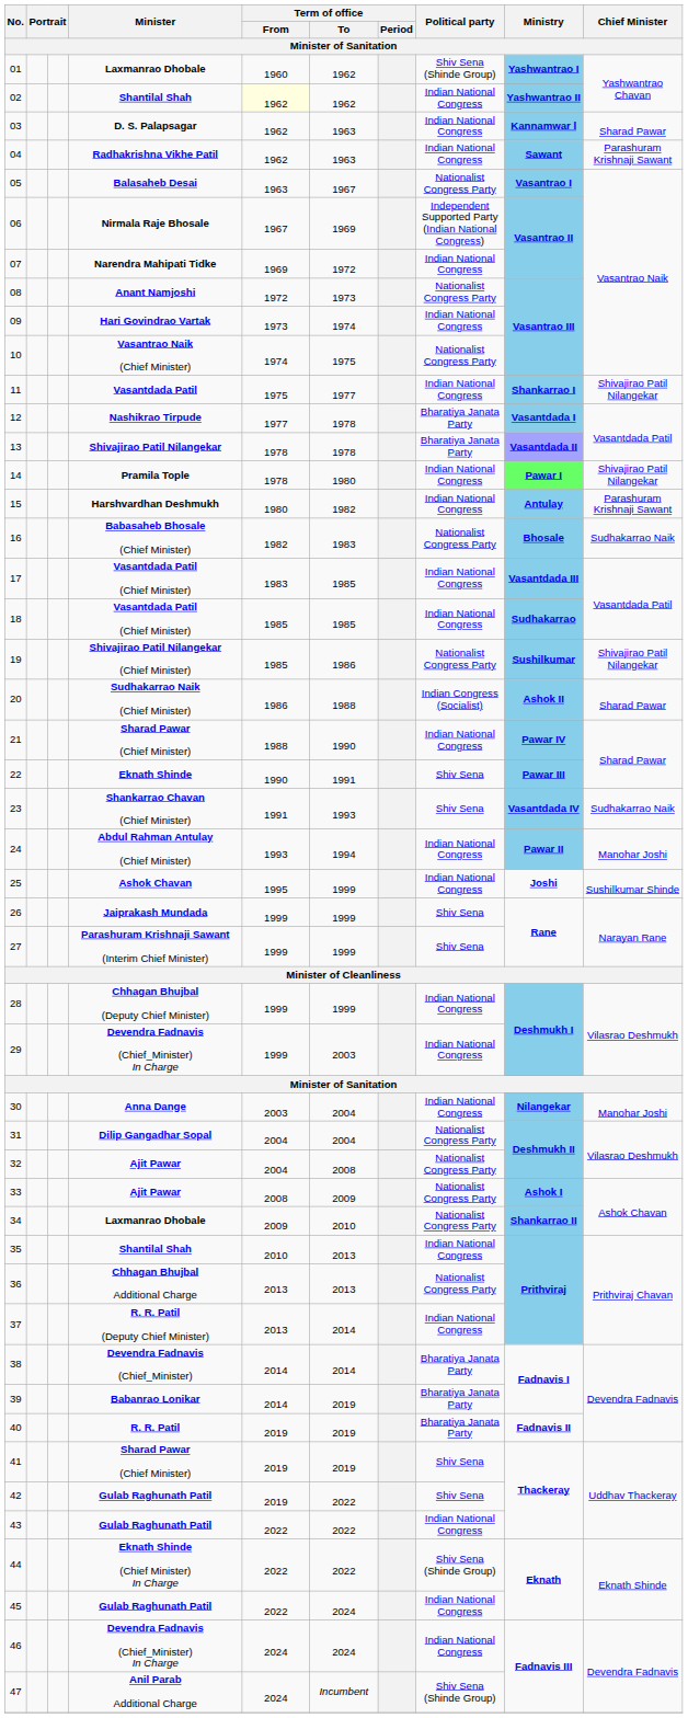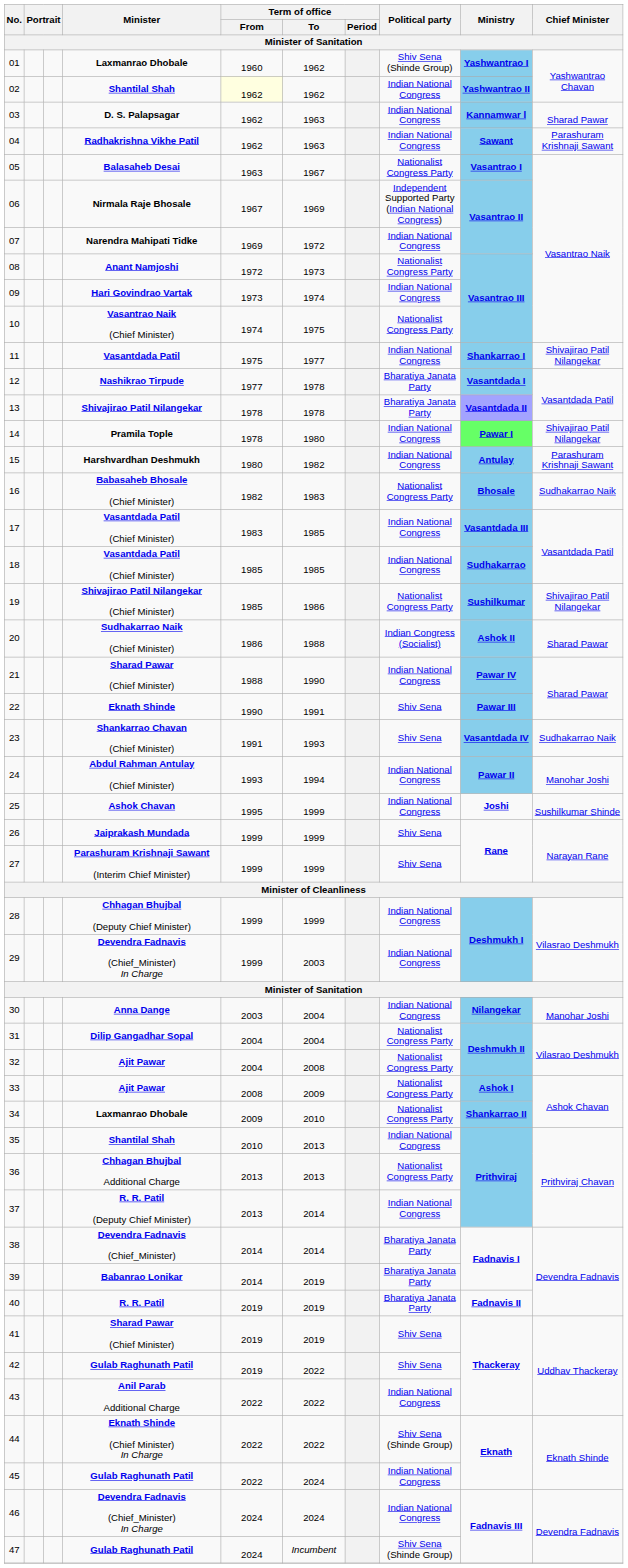 <table class="wikitable" style="text-align:center">
 <tr>
 <th rowspan="2">No.</th>
 <th rowspan="2" colspan="2">Portrait</th>
 <th rowspan="2" style="width:16em">Minister<br></th>
 <th colspan="3">Term of office</th>
 <th rowspan="2" style="width:8em">Political party</th>
 <th rowspan="2">Ministry</th>
 <th rowspan="2" style="width:9em">Chief Minister</th>
 </tr>
 <tr>
 <th style="width:6em">From</th>
 <th style="width:6em">To</th>
 <th>Period</th>
 </tr>
 <tr>
 <th colspan="10">Minister of Sanitation</th>
 </tr>
 <tr>
 <td>01</td>
 <td style="color:inherit;background:"></td>
 <td></td>
 <td><strong>Laxmanrao Dhobale</strong> <br> </td>
 <td><br>1960</td>
 <td><br>1962</td>
 <th></th>
 <td><a href='#'>Shiv Sena</a> (Shinde Group)</td>
 <td bgcolor="#87CEEB"><a href='#'><strong>Yashwantrao I</strong></a></td>
 <td rowspan="2"> <br><a href='#'>Yashwantrao Chavan</a></td>
 </tr>
 <tr>
 <td>02</td>
 <td style="color:inherit;background:"></td>
 <td></td>
 <td><strong><a href='#'>Shantilal Shah</a></strong> <br> </td>
 <td style="background: lightyellow;"><br>1962</td>
 <td><br>1962</td>
 <th></th>
 <td><a href='#'>Indian National Congress</a></td>
 <td bgcolor="#87CEEB"><a href='#'><strong>Yashwantrao II</strong></a></td>
 </tr>
 <tr>
 <td>03</td>
 <td style="color:inherit;background:"></td>
 <td></td>
 <td><strong>D. S. Palapsagar</strong><br> </td>
 <td><br>1962</td>
 <td><br>1963</td>
 <th></th>
 <td><a href='#'>Indian National Congress</a></td>
 <td bgcolor="#87CEEB"><a href='#'><strong>Kannamwar l</strong></a></td>
 <td rowspan="1"><br><a href='#'>Sharad Pawar</a></td>
 </tr>
 <tr>
 <td>04</td>
 <td style="color:inherit;background:"></td>
 <td></td>
 <td><strong><a href='#'>Radhakrishna Vikhe Patil</a></strong>  <br> </td>
 <td><br>1962</td>
 <td><br>1963</td>
 <th></th>
 <td><a href='#'>Indian National Congress</a></td>
 <td bgcolor="#87CEEB"><a href='#'><strong>Sawant</strong></a></td>
 <td><a href='#'>Parashuram Krishnaji Sawant</a></td>
 </tr>
 <tr>
 <td>05</td>
 <td style="color:inherit;background:"></td>
 <td></td>
 <td><strong><a href='#'>Balasaheb Desai</a></strong><br> </td>
 <td><br>1963</td>
 <td><br>1967</td>
 <th></th>
 <td><a href='#'>Nationalist Congress Party</a></td>
 <td bgcolor="#87CEEB"><a href='#'><strong>Vasantrao I</strong></a></td>
 <td rowspan="6"><br><a href='#'>Vasantrao Naik</a></td>
 </tr>
 <tr>
 <td>06</td>
 <td style="color:inherit;background:"></td>
 <td></td>
 <td><strong>Nirmala Raje Bhosale</strong><br> </td>
 <td><br>1967</td>
 <td><br>1969</td>
 <th></th>
 <td><a href='#'>Independent</a> Supported Party (<a href='#'>Indian National Congress</a>)</td>
 <td rowspan="2" bgcolor="#87CEEB"><a href='#'><strong>Vasantrao II</strong></a></td>
 </tr>
 <tr>
 <td>07</td>
 <td style="color:inherit;background:"></td>
 <td></td>
 <td><strong>Narendra Mahipati Tidke</strong><br> </td>
 <td><br>1969</td>
 <td><br>1972</td>
 <th></th>
 <td><a href='#'>Indian National Congress</a></td>
 </tr>
 <tr>
 <td>08</td>
 <td style="color:inherit;background:"></td>
 <td></td>
 <td><strong><a href='#'>Anant Namjoshi</a></strong> <br> </td>
 <td><br>1972</td>
 <td><br>1973</td>
 <th></th>
 <td><a href='#'>Nationalist Congress Party</a></td>
 <td rowspan="3" bgcolor="#87CEEB"><a href='#'><strong>Vasantrao III</strong></a></td>
 </tr>
 <tr>
 <td>09</td>
 <td style="color:inherit;background:"></td>
 <td></td>
 <td><strong><a href='#'>Hari Govindrao Vartak</a></strong> <br> </td>
 <td><br>1973</td>
 <td><br>1974</td>
 <th></th>
 <td><a href='#'>Indian National Congress</a></td>
 </tr>
 <tr>
 <td>10</td>
 <td style="color:inherit;background:"></td>
 <td></td>
 <td><strong><a href='#'>Vasantrao Naik</a></strong> <br> <br>(Chief Minister)</td>
 <td><br>1974</td>
 <td><br>1975</td>
 <th></th>
 <td><a href='#'>Nationalist Congress Party</a></td>
 </tr>
 <tr>
 <td>11</td>
 <td style="color:inherit;background:"></td>
 <td></td>
 <td><strong><a href='#'>Vasantdada Patil</a></strong>  <br> </td>
 <td><br>1975</td>
 <td><br>1977</td>
 <th></th>
 <td><a href='#'>Indian National Congress</a></td>
 <td rowspan="1" bgcolor="#87CEEB"><a href='#'><strong>Shankarrao I</strong></a></td>
 <td rowspan="1"><a href='#'>Shivajirao Patil Nilangekar</a></td>
 </tr>
 <tr>
 <td>12</td>
 <td style="color:inherit;background:"></td>
 <td></td>
 <td><strong><a href='#'>Nashikrao Tirpude</a></strong> <br> </td>
 <td><br>1977</td>
 <td><br>1978</td>
 <th></th>
 <td><a href='#'>Bharatiya Janata Party</a></td>
 <td rowspan="1" bgcolor="#88CEEB"><a href='#'><strong>Vasantdada I</strong></a></td>
 <td rowspan="2"><br><a href='#'>Vasantdada Patil</a></td>
 </tr>
 <tr>
 <td>13</td>
 <td style="color:inherit;background:"></td>
 <td></td>
 <td><strong><a href='#'>Shivajirao Patil Nilangekar</a></strong> <br> </td>
 <td><br>1978</td>
 <td><br>1978</td>
 <th></th>
 <td rowspan="1"><a href='#'>Bharatiya Janata Party</a></td>
 <td rowspan="1" bgcolor="#A3A3FF"><a href='#'><strong>Vasantdada II</strong></a></td>
 </tr>
 <tr>
 <td>14</td>
 <td style="color:inherit;background:"></td>
 <td></td>
 <td><strong>Pramila Tople</strong>  <br> </td>
 <td><br>1978</td>
 <td><br>1980</td>
 <th></th>
 <td><a href='#'>Indian National Congress</a></td>
 <td rowspan="1" bgcolor="#66FF66"><a href='#'><strong>Pawar I</strong></a></td>
 <td rowspan="1"><a href='#'>Shivajirao Patil Nilangekar</a></td>
 </tr>
 <tr>
 <td>15</td>
 <td style="color:inherit;background:"></td>
 <td></td>
 <td><strong>Harshvardhan Deshmukh</strong> <br> </td>
 <td><br>1980</td>
 <td><br>1982</td>
 <th></th>
 <td><a href='#'>Indian National Congress</a></td>
 <td rowspan="1" bgcolor="#87CEEB"><a href='#'><strong>Antulay</strong></a></td>
 <td><a href='#'>Parashuram Krishnaji Sawant</a></td>
 </tr>
 <tr>
 <td>16</td>
 <td style="color:inherit;background:"></td>
 <td></td>
 <td><strong><a href='#'>Babasaheb Bhosale</a></strong> <br> <br>(Chief Minister)</td>
 <td><br>1982</td>
 <td><br>1983</td>
 <th></th>
 <td><a href='#'>Nationalist Congress Party</a></td>
 <td rowspan="1" bgcolor="#87CEEB"><a href='#'><strong>Bhosale</strong></a></td>
 <td rowspan="1"><a href='#'>Sudhakarrao Naik</a></td>
 </tr>
 <tr>
 <td>17</td>
 <td style="color:inherit;background:"></td>
 <td></td>
 <td><strong><a href='#'>Vasantdada Patil</a></strong> <br> <br>(Chief Minister)</td>
 <td><br>1983</td>
 <td><br>1985</td>
 <th></th>
 <td><a href='#'>Indian National Congress</a></td>
 <td rowspan="1" bgcolor="#87CEEB"><a href='#'><strong>Vasantdada III</strong></a></td>
 <td rowspan="2"><br><a href='#'>Vasantdada Patil</a></td>
 </tr>
 <tr>
 <td>18</td>
 <td style="color:inherit;background:"></td>
 <td></td>
 <td><strong><a href='#'>Vasantdada Patil</a></strong> <br> <br>(Chief Minister)</td>
 <td><br>1985</td>
 <td><br>1985</td>
 <th></th>
 <td><a href='#'>Indian National Congress</a></td>
 <td rowspan="1" bgcolor="#87CEEB"><a href='#'><strong>Sudhakarrao</strong></a></td>
 </tr>
 <tr>
 <td>19</td>
 <td style="color:inherit;background:"></td>
 <td></td>
 <td><strong><a href='#'>Shivajirao Patil Nilangekar</a></strong> <br> <br>(Chief Minister)</td>
 <td><br>1985</td>
 <td><br>1986</td>
 <th></th>
 <td><a href='#'>Nationalist Congress Party</a></td>
 <td rowspan="1" bgcolor="#87CEEB"><a href='#'><strong>Sushilkumar</strong></a></td>
 <td rowspan="1"><a href='#'>Shivajirao Patil Nilangekar</a></td>
 </tr>
 <tr>
 <td>20</td>
 <td style="color:inherit;background:"></td>
 <td></td>
 <td><strong><a href='#'>Sudhakarrao Naik</a></strong> <br> <br>(Chief Minister)</td>
 <td><br>1986</td>
 <td><br>1988</td>
 <th></th>
 <td><a href='#'>Indian Congress (Socialist)</a></td>
 <td rowspan="1"bgcolor="#87CEEB"><a href='#'><strong>Ashok II</strong></a></td>
 <td rowspan="1"><br><a href='#'>Sharad Pawar</a></td>
 </tr>
 <tr>
 <td>21</td>
 <td style="color:inherit;background:"></td>
 <td></td>
 <td><strong><a href='#'>Sharad Pawar</a></strong> <br> <br>(Chief Minister)</td>
 <td><br>1988</td>
 <td><br>1990</td>
 <th></th>
 <td><a href='#'>Indian National Congress</a></td>
 <td rowspan="1" bgcolor="#87CEEB"><a href='#'><strong>Pawar IV</strong></a></td>
 <td rowspan="2"> <br><a href='#'>Sharad Pawar</a></td>
 </tr>
 <tr>
 <td>22</td>
 <td style="color:inherit;background:"></td>
 <td></td>
 <td><strong><a href='#'>Eknath Shinde</a></strong> <br> </td>
 <td><br>1990</td>
 <td><br>1991</td>
 <th></th>
 <td><a href='#'>Shiv Sena</a></td>
 <td rowspan="1" bgcolor="#87CEEB"><a href='#'><strong>Pawar III</strong></a></td>
 </tr>
 <tr>
 <td>23</td>
 <td style="color:inherit;background:"></td>
 <td></td>
 <td><strong><a href='#'>Shankarrao Chavan</a></strong> <br> <br>(Chief Minister)</td>
 <td><br>1991</td>
 <td><br>1993</td>
 <th></th>
 <td><a href='#'>Shiv Sena</a></td>
 <td rowspan="1" bgcolor="#87CEEB"><a href='#'><strong>Vasantdada IV</strong></a></td>
 <td rowspan="1"><a href='#'>Sudhakarrao Naik</a></td>
 </tr>
 <tr>
 <td>24</td>
 <td style="color:inherit;background:"></td>
 <td></td>
 <td><strong><a href='#'>Abdul Rahman Antulay</a></strong> <br> <br>(Chief Minister)</td>
 <td><br>1993</td>
 <td><br>1994</td>
 <th></th>
 <td><a href='#'>Indian National Congress</a></td>
 <td rowspan="1" bgcolor="#87CEEB"><a href='#'><strong>Pawar II</strong></a></td>
 <td rowspan="1"> <br><a href='#'>Manohar Joshi</a></td>
 </tr>
 <tr>
 <td>25</td>
 <td style="color:inherit;background:"></td>
 <td></td>
 <td><strong><a href='#'>Ashok Chavan</a></strong> <br> </td>
 <td><br>1995</td>
 <td><br>1999</td>
 <th></th>
 <td><a href='#'>Indian National Congress</a></td>
 <td rowspan="1"><a href='#'><strong>Joshi</strong></a></td>
 <td rowspan="1"> <br><a href='#'>Sushilkumar Shinde</a></td>
 </tr>
 <tr>
 <td>26</td>
 <td style="color:inherit;background:"></td>
 <td></td>
 <td><strong><a href='#'>Jaiprakash Mundada</a></strong> <br> </td>
 <td><br>1999</td>
 <td><br>1999</td>
 <th></th>
 <td><a href='#'>Shiv Sena</a></td>
 <td rowspan="2"><a href='#'><strong>Rane</strong></a></td>
 <td rowspan="2"> <br><a href='#'>Narayan Rane</a></td>
 </tr>
 <tr>
 <td>27</td>
 <td style="color:inherit;background:"></td>
 <td></td>
 <td><strong><a href='#'>Parashuram Krishnaji Sawant</a></strong> <br>  <br>(Interim Chief Minister)</td>
 <td><br>1999</td>
 <td><br>1999</td>
 <th></th>
 <td><a href='#'>Shiv Sena</a></td>
 </tr>
 <tr>
 <th colspan="10">Minister of Cleanliness</th>
 </tr>
 <tr>
 <td>28</td>
 <td style="color:inherit;background:"></td>
 <td></td>
 <td><strong><a href='#'>Chhagan Bhujbal</a></strong> <br> <br> (Deputy Chief Minister)</td>
 <td><br>1999</td>
 <td><br>1999</td>
 <th></th>
 <td><a href='#'>Indian National Congress</a></td>
 <td rowspan="2" bgcolor="#87CEEB"><a href='#'><strong>Deshmukh I</strong></a></td>
 <td rowspan="2"> <br><a href='#'>Vilasrao Deshmukh</a></td>
 </tr>
 <tr>
 <td>29</td>
 <td style="color:inherit;background:"></td>
 <td></td>
 <td><strong><a href='#'>Devendra Fadnavis</a></strong>  <br> <br>(Chief_Minister) <br><em>In Charge</em></td>
 <td><br>1999</td>
 <td><br>2003</td>
 <th></th>
 <td><a href='#'>Indian National Congress</a></td>
 </tr>
 <tr>
 <th colspan="10">Minister of Sanitation</th>
 </tr>
 <tr>
 <td>30</td>
 <td style="color:inherit;background:"></td>
 <td></td>
 <td><strong><a href='#'>Anna Dange</a></strong> <br> </td>
 <td><br>2003</td>
 <td><br>2004</td>
 <th></th>
 <td><a href='#'>Indian National Congress</a></td>
 <td rowspan="1" bgcolor="#87CEEB"><a href='#'><strong>Nilangekar</strong></a></td>
 <td rowspan="1"> <br><a href='#'>Manohar Joshi</a></td>
 </tr>
 <tr>
 <td>31</td>
 <td style="color:inherit;background:"></td>
 <td></td>
 <td><strong><a href='#'>Dilip Gangadhar Sopal</a></strong> <br> </td>
 <td><br>2004</td>
 <td><br>2004</td>
 <th></th>
 <td><a href='#'>Nationalist Congress Party</a></td>
 <td rowspan="2" bgcolor="#87CEEB"><a href='#'><strong>Deshmukh II</strong></a></td>
 <td rowspan="2"> <br><a href='#'>Vilasrao Deshmukh</a></td>
 </tr>
 <tr>
 <td>32</td>
 <td style="color:inherit;background:"></td>
 <td></td>
 <td><strong><a href='#'>Ajit Pawar</a></strong> <br> </td>
 <td><br>2004</td>
 <td><br>2008</td>
 <th></th>
 <td><a href='#'>Nationalist Congress Party</a></td>
 </tr>
 <tr>
 <td>33</td>
 <td style="color:inherit;background:"></td>
 <td></td>
 <td><strong><a href='#'>Ajit Pawar</a></strong> <br> </td>
 <td><br>2008</td>
 <td><br>2009</td>
 <th></th>
 <td><a href='#'>Nationalist Congress Party</a></td>
 <td rowspan="1" bgcolor="#87CEEB"><a href='#'><strong>Ashok I</strong></a></td>
 <td rowspan="2"><br><a href='#'>Ashok Chavan</a></td>
 </tr>
 <tr>
 <td>34</td>
 <td style="color:inherit;background:"></td>
 <td></td>
 <td><strong>Laxmanrao Dhobale</strong>  <br> </td>
 <td><br>2009</td>
 <td><br>2010</td>
 <th></th>
 <td><a href='#'>Nationalist Congress Party</a></td>
 <td rowspan="1"bgcolor="#87CEEB"><a href='#'><strong>Shankarrao II</strong></a></td>
 </tr>
 <tr>
 <td>35</td>
 <td style="color:inherit;background:"></td>
 <td></td>
 <td><strong><a href='#'>Shantilal Shah</a></strong> <br> </td>
 <td><br>2010</td>
 <td><br>2013</td>
 <th></th>
 <td><a href='#'>Indian National Congress</a></td>
 <td rowspan="3" bgcolor="#87CEEB"><a href='#'><strong>Prithviraj</strong></a></td>
 <td rowspan="3"><br><a href='#'>Prithviraj Chavan</a></td>
 </tr>
 <tr>
 <td>36</td>
 <td style="color:inherit;background:"></td>
 <td></td>
 <td><strong><a href='#'>Chhagan Bhujbal</a></strong><br> <br>Additional Charge</td>
 <td><br>2013</td>
 <td><br>2013</td>
 <th></th>
 <td><a href='#'>Nationalist Congress Party</a></td>
 </tr>
 <tr>
 <td>37</td>
 <td style="color:inherit;background:"></td>
 <td></td>
 <td><strong><a href='#'>R. R. Patil</a></strong>  <br> <br> (Deputy Chief Minister)</td>
 <td><br>2013</td>
 <td><br>2014</td>
 <th></th>
 <td><a href='#'>Indian National Congress</a></td>
 </tr>
 <tr>
 <td>38</td>
 <td style="color:inherit;background:"></td>
 <td></td>
 <td><strong><a href='#'>Devendra Fadnavis</a></strong>  <br> <br>(Chief_Minister)</td>
 <td><br>2014</td>
 <td><br>2014</td>
 <th></th>
 <td rowspan="1"><a href='#'>Bharatiya Janata Party</a></td>
 <td rowspan="2"><a href='#'><strong>Fadnavis I</strong></a></td>
 <td rowspan="3"> <br><a href='#'>Devendra Fadnavis</a></td>
 </tr>
 <tr>
 <td>39</td>
 <td style="color:inherit;background:"></td>
 <td></td>
 <td><strong><a href='#'>Babanrao Lonikar</a></strong> <br> </td>
 <td><br>2014</td>
 <td><br>2019</td>
 <th></th>
 <td rowspan="1"><a href='#'>Bharatiya Janata Party</a></td>
 </tr>
 <tr>
 <td>40</td>
 <td style="color:inherit;background:"></td>
 <td></td>
 <td><strong><a href='#'>R. R. Patil</a></strong> <br> </td>
 <td><br>2019</td>
 <td><br>2019</td>
 <th></th>
 <td><a href='#'>Bharatiya Janata Party</a></td>
 <td rowspan="1"><a href='#'><strong>Fadnavis II</strong></a></td>
 </tr>
 <tr>
 <td>41</td>
 <td style="color:inherit;background:"></td>
 <td></td>
 <td><strong><a href='#'>Sharad Pawar</a></strong> <br> <br>(Chief Minister)</td>
 <td><br>2019</td>
 <td><br>2019</td>
 <th></th>
 <td><a href='#'>Shiv Sena</a></td>
 <td rowspan="3"><a href='#'><strong>Thackeray</strong></a></td>
 <td rowspan="3"> <br><a href='#'>Uddhav Thackeray</a></td>
 </tr>
 <tr>
 <td>42</td>
 <td style="color:inherit;background:"></td>
 <td></td>
 <td><strong><a href='#'>Gulab Raghunath Patil</a></strong> <br> </td>
 <td><br>2019</td>
 <td><br>2022</td>
 <th></th>
 <td><a href='#'>Shiv Sena</a></td>
 </tr>
 <tr>
 <td>43</td>
 <td style="color:inherit;background:"></td>
 <td></td>
-<td><strong><a href='#'>Gulab Raghunath Patil</a></strong> <br> </td>
+<td><strong><a href='#'>Anil Parab</a></strong> <br> <br>Additional Charge</td>
 <td><br>2022</td>
 <td><br>2022</td>
 <th></th>
 <td><a href='#'>Indian National Congress</a></td>
 </tr>
 <tr>
 <td>44</td>
 <td style="color:inherit;background:"></td>
 <td></td>
 <td><strong><a href='#'>Eknath Shinde</a></strong> <br>  <br>(Chief Minister)<br><em>In Charge</em></td>
 <td><br>2022</td>
 <td><br>2022</td>
 <th></th>
 <td><a href='#'>Shiv Sena</a> (Shinde Group)</td>
 <td rowspan="2"><a href='#'><strong>Eknath</strong></a></td>
 <td rowspan="2"> <br><a href='#'>Eknath Shinde</a></td>
 </tr>
 <tr>
 <td>45</td>
 <td style="color:inherit;background:"></td>
 <td></td>
 <td><strong><a href='#'>Gulab Raghunath Patil</a></strong> <br> </td>
 <td><br>2022</td>
 <td><br>2024</td>
 <th></th>
 <td><a href='#'>Indian National Congress</a></td>
 </tr>
 <tr>
 <td>46</td>
 <td style="color:inherit;background:"></td>
 <td></td>
 <td><strong><a href='#'>Devendra Fadnavis</a></strong>  <br> <br>(Chief_Minister) <br><em>In Charge</em></td>
 <td><br>2024</td>
 <td><br>2024</td>
 <th></th>
 <td><a href='#'>Indian National Congress</a></td>
 <td rowspan="2"><a href='#'><strong>Fadnavis III</strong></a></td>
 <td rowspan="2"> <br><a href='#'>Devendra Fadnavis</a></td>
 </tr>
 <tr>
 <td>47</td>
 <td style="color:inherit;background:"></td>
 <td></td>
-<td><strong><a href='#'>Anil Parab</a></strong> <br> <br>Additional Charge</td>
+<td><strong><a href='#'>Gulab Raghunath Patil</a></strong> <br> </td>
 <td><br>2024</td>
 <td><em>Incumbent</em></td>
 <th></th>
 <td><a href='#'>Shiv Sena</a> (Shinde Group)</td>
 </tr>
 <tr>
 </tr>
 </table>
